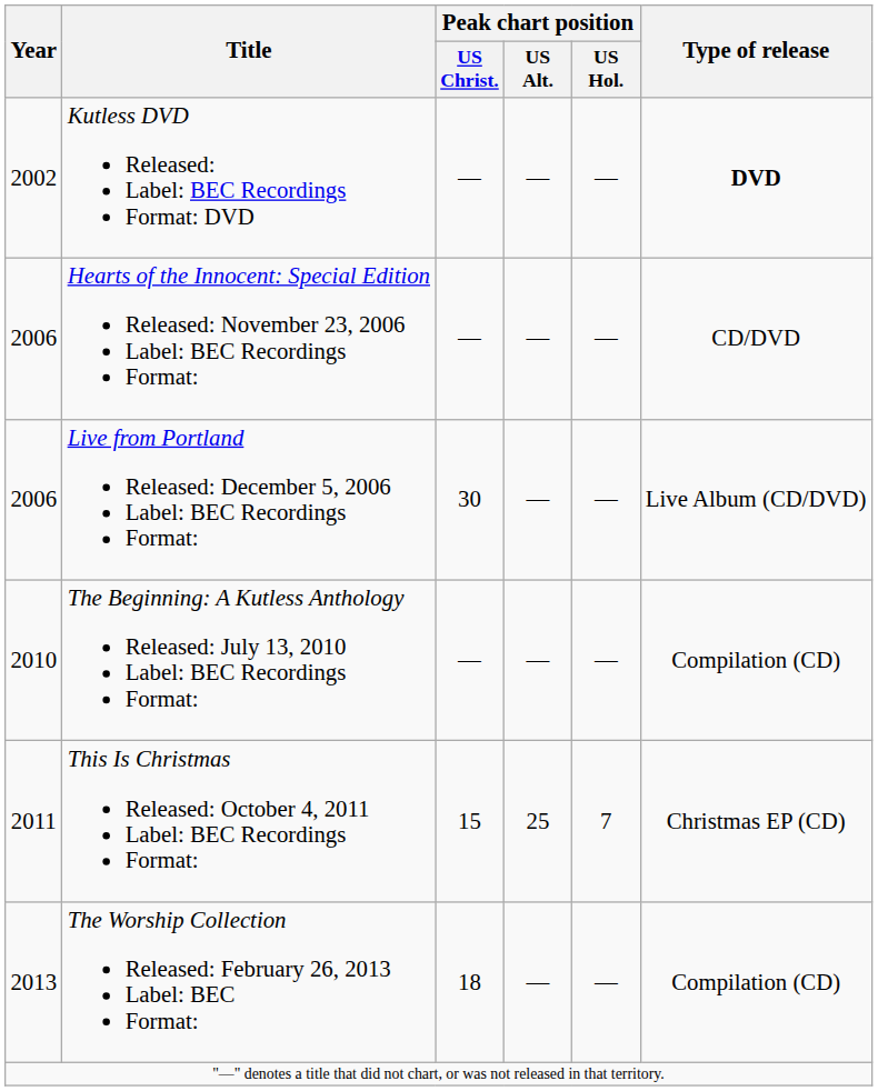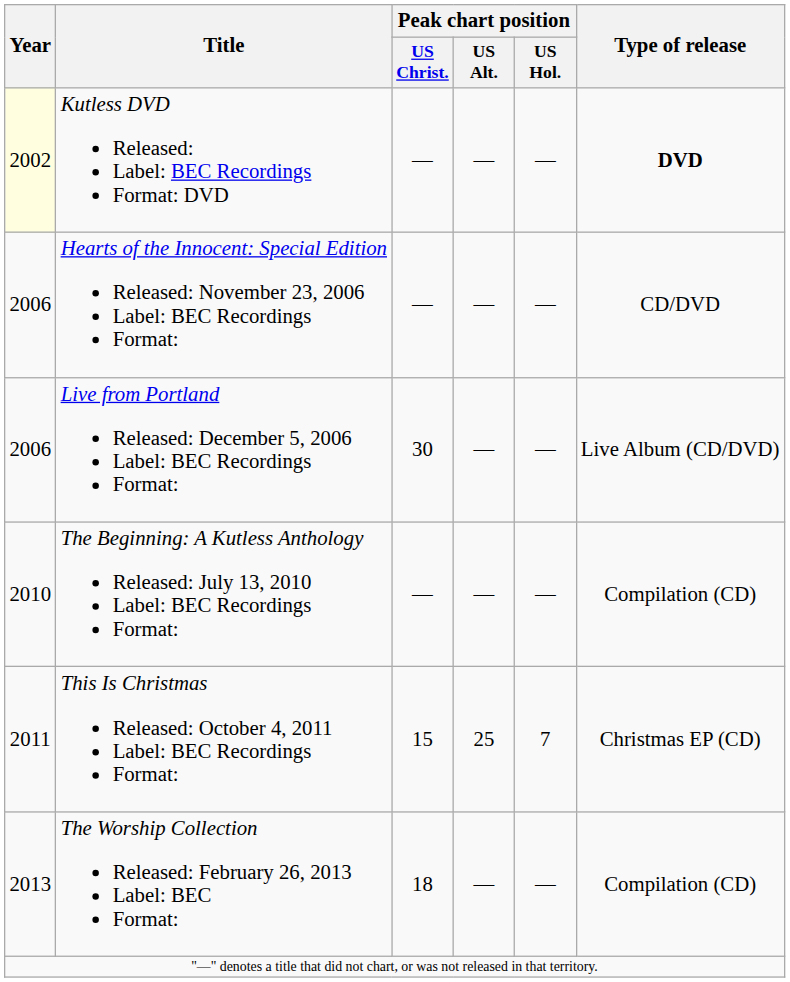 <table class="wikitable" style="text-align:center;">
 <tr>
 <th rowspan="2">Year</th>
 <th rowspan="2">Title</th>
 <th colspan="3">Peak chart position</th>
 <th rowspan="2">Type of release</th>
 </tr>
 <tr>
 <th scope="col" style="width:3em;font-size:85%;"><a href='#'>US<br>Christ.</a><br></th>
 <th scope="col" style="width:3em;font-size:85%;">US<br>Alt.<br></th>
 <th scope="col" style="width:3em;font-size:85%;">US<br>Hol.<br></th>
 </tr>
 <tr>
-<td>2002</td>
+<td style="background: lightyellow;">2002</td>
 <td style="text-align:left;"><em>Kutless DVD</em><br><ul><li>Released:</li><li>Label: <a href='#'>BEC Recordings</a></li><li>Format: DVD</li></ul></td>
 <td>—</td>
 <td>—</td>
 <td>—</td>
 <td><strong>DVD</strong></td>
 </tr>
 <tr>
 <td>2006</td>
 <td style="text-align:left;"><em><a href='#'>Hearts of the Innocent: Special Edition</a></em><br><ul><li>Released: November 23, 2006</li><li>Label: BEC Recordings</li><li>Format:</li></ul></td>
 <td>—</td>
 <td>—</td>
 <td>—</td>
 <td>CD/DVD</td>
 </tr>
 <tr>
 <td>2006</td>
 <td style="text-align:left;"><em><a href='#'>Live from Portland</a></em><br><ul><li>Released: December 5, 2006</li><li>Label: BEC Recordings</li><li>Format:</li></ul></td>
 <td>30</td>
 <td>—</td>
 <td>—</td>
 <td>Live Album (CD/DVD)</td>
 </tr>
 <tr>
 <td>2010</td>
 <td style="text-align:left;"><em>The Beginning: A Kutless Anthology</em><br><ul><li>Released: July 13, 2010</li><li>Label: BEC Recordings</li><li>Format:</li></ul></td>
 <td>—</td>
 <td>—</td>
 <td>—</td>
 <td>Compilation (CD)</td>
 </tr>
 <tr>
 <td>2011</td>
 <td style="text-align:left;"><em>This Is Christmas</em><br><ul><li>Released: October 4, 2011</li><li>Label: BEC Recordings</li><li>Format:</li></ul></td>
 <td>15</td>
 <td>25</td>
 <td>7</td>
 <td>Christmas EP (CD)</td>
 </tr>
 <tr>
 <td>2013</td>
 <td style="text-align:left;"><em>The Worship Collection</em><br><ul><li>Released: February 26, 2013</li><li>Label: BEC</li><li>Format:</li></ul></td>
 <td>18</td>
 <td>—</td>
 <td>—</td>
 <td>Compilation (CD)</td>
 </tr>
 <tr>
 <td colspan="8" style="font-size:8pt">"—" denotes a title that did not chart, or was not released in that territory.</td>
 </tr>
 </table>
